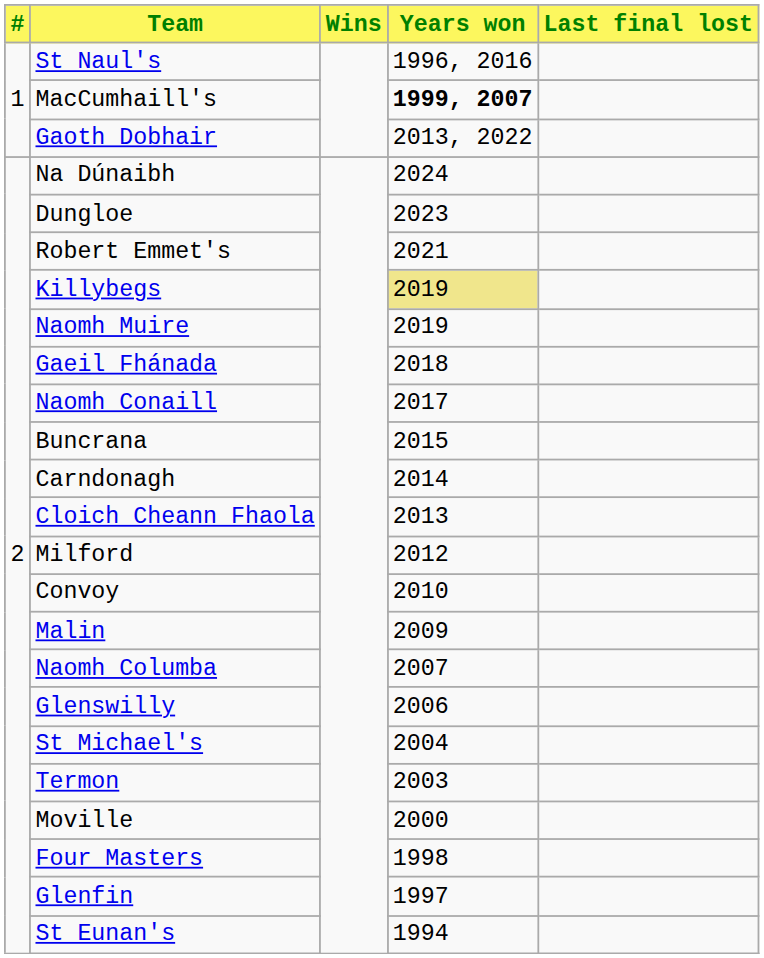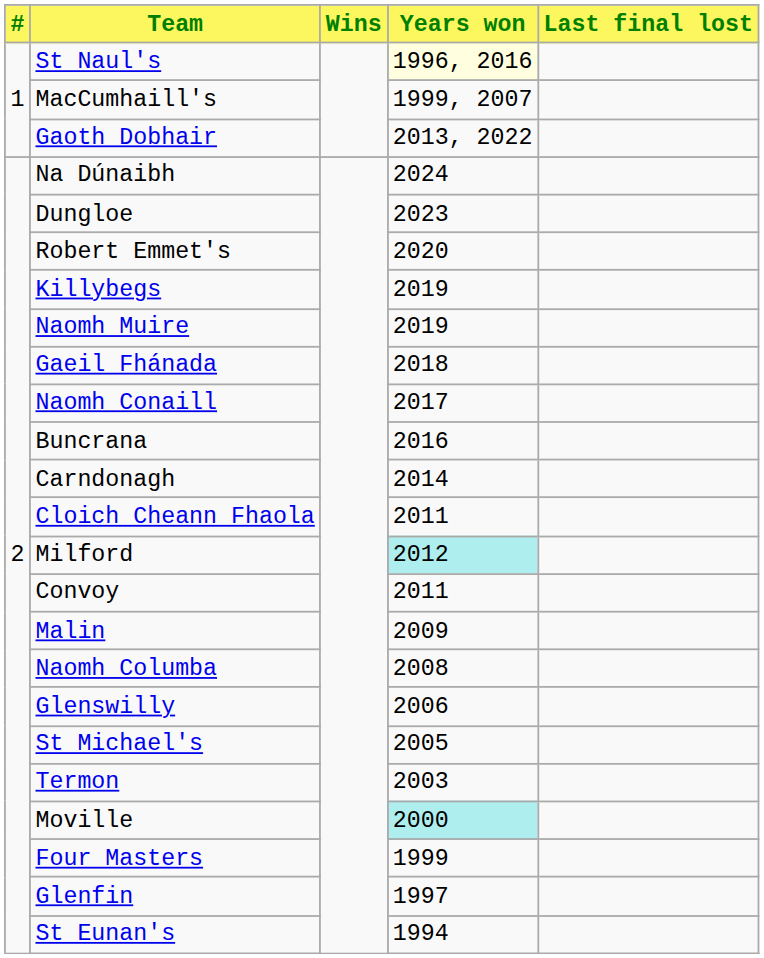 <table class="wikitable">
 <tr>
 <th style="background:#FCF75E;color:green;">#</th>
 <th style="background:#FCF75E;color:green;">Team</th>
 <th style="background:#FCF75E;color:green;">Wins</th>
 <th style="background:#FCF75E;color:green;">Years won</th>
 <th style="background:#FCF75E;color:green;">Last final lost</th>
 </tr>
 <tr>
 <td rowspan=3>1</td>
 <td><a href='#'>St Naul's</a></td>
 <td rowspan=3></td>
-<td>1996, 2016</td>
+<td style="background: lightyellow;">1996, 2016</td>
 <td></td>
 </tr>
 <tr>
 <td>MacCumhaill's</td>
-<td><strong>1999, 2007</strong></td>
+<td>1999, 2007</td>
 <td></td>
 </tr>
 <tr>
 <td><a href='#'>Gaoth Dobhair</a></td>
 <td>2013, 2022</td>
 <td></td>
 </tr>
 <tr>
 <td rowspan=22>2</td>
 <td>Na Dúnaibh</td>
 <td rowspan=22></td>
 <td>2024</td>
 <td></td>
 </tr>
 <tr>
 <td>Dungloe</td>
 <td>2023</td>
 <td></td>
 </tr>
 <tr>
 <td>Robert Emmet's</td>
-<td>2021</td>
+<td>2020</td>
 <td></td>
 </tr>
 <tr>
 <td><a href='#'>Killybegs</a></td>
-<td style="background: khaki;">2019</td>
+<td>2019</td>
 <td></td>
 </tr>
 <tr>
 <td><a href='#'>Naomh Muire</a></td>
 <td>2019</td>
 <td></td>
 </tr>
 <tr>
 <td><a href='#'>Gaeil Fhánada</a></td>
 <td>2018</td>
 <td></td>
 </tr>
 <tr>
 <td><a href='#'>Naomh Conaill</a></td>
 <td>2017</td>
 <td></td>
 </tr>
 <tr>
 <td>Buncrana</td>
-<td>2015</td>
+<td>2016</td>
 <td></td>
 </tr>
 <tr>
 <td>Carndonagh</td>
 <td>2014</td>
 <td></td>
 </tr>
 <tr>
 <td><a href='#'>Cloich Cheann Fhaola</a></td>
-<td>2013</td>
+<td>2011</td>
 <td></td>
 </tr>
 <tr>
 <td>Milford</td>
-<td>2012</td>
+<td style="background: paleturquoise;">2012</td>
 <td></td>
 </tr>
 <tr>
 <td>Convoy</td>
-<td>2010</td>
+<td>2011</td>
 <td></td>
 </tr>
 <tr>
 <td><a href='#'>Malin</a></td>
 <td>2009</td>
 <td></td>
 </tr>
 <tr>
 <td><a href='#'>Naomh Columba</a></td>
-<td>2007</td>
+<td>2008</td>
 <td></td>
 </tr>
 <tr>
 <td><a href='#'>Glenswilly</a></td>
 <td>2006</td>
 <td></td>
 </tr>
 <tr>
 <td><a href='#'>St Michael's</a></td>
-<td>2004</td>
+<td>2005</td>
 <td></td>
 </tr>
 <tr>
 <td><a href='#'>Termon</a></td>
 <td>2003</td>
 <td></td>
 </tr>
 <tr>
 <td>Moville</td>
-<td>2000</td>
+<td style="background: paleturquoise;">2000</td>
 <td></td>
 </tr>
 <tr>
 <td><a href='#'>Four Masters</a></td>
-<td>1998</td>
+<td>1999</td>
 <td></td>
 </tr>
 <tr>
 <td><a href='#'>Glenfin</a></td>
 <td>1997</td>
 <td></td>
 </tr>
 <tr>
 <td><a href='#'>St Eunan's</a></td>
 <td>1994</td>
 <td></td>
 </tr>
 <tr>
 </tr>
 </table>
